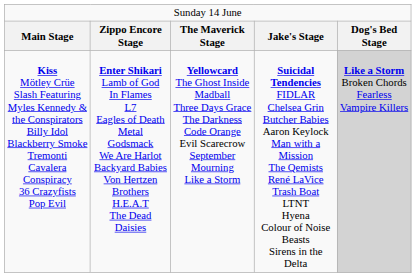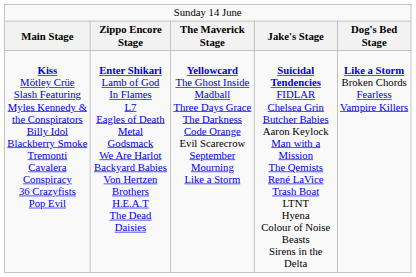 <table class="wikitable">
 <tr>
 <td colspan="5" style="text-align:center;">Sunday 14 June</td>
 </tr>
 <tr>
 <th>Main Stage</th>
 <th>Zippo Encore Stage</th>
 <th>The Maverick Stage</th>
 <th>Jake's Stage</th>
 <th>Dog's Bed Stage</th>
 </tr>
 <tr>
 <td style="text-align:center; vertical-align:top; width:200px;"><br><strong><a href='#'>Kiss</a></strong> <br> <a href='#'>Mötley Crüe</a> <br> <a href='#'>Slash Featuring Myles Kennedy & the Conspirators</a> <br> <a href='#'>Billy Idol</a> <br> <a href='#'>Blackberry Smoke</a><br> <a href='#'>Tremonti</a> <br> <a href='#'>Cavalera Conspiracy</a><br> <a href='#'>36 Crazyfists</a><br> <a href='#'>Pop Evil</a><br></td>
 <td style="text-align:center; vertical-align:top; width:200px;"><br><strong><a href='#'>Enter Shikari</a></strong><br> <a href='#'>Lamb of God</a><br> <a href='#'>In Flames</a> <br> <a href='#'>L7</a> <br> <a href='#'>Eagles of Death Metal</a> <br> <a href='#'>Godsmack</a> <br> <a href='#'>We Are Harlot</a> <br> <a href='#'>Backyard Babies</a> <br> <a href='#'>Von Hertzen Brothers</a><br> <a href='#'>H.E.A.T</a> <br> <a href='#'>The Dead Daisies</a><br></td>
 <td style="text-align:center; vertical-align:top; width:200px;"><br><strong><a href='#'>Yellowcard</a></strong><br> <a href='#'>The Ghost Inside</a> <br> <a href='#'>Madball</a> <br> <a href='#'>Three Days Grace</a><br> <a href='#'>The Darkness</a><br> <a href='#'>Code Orange</a><br> Evil Scarecrow <br> <a href='#'>September Mourning</a><br> <a href='#'>Like a Storm</a><br></td>
 <td style="text-align:center; vertical-align:top; width:200px;"><br><strong><a href='#'>Suicidal Tendencies</a></strong><br> <a href='#'>FIDLAR</a><br> <a href='#'>Chelsea Grin</a> <br> <a href='#'>Butcher Babies</a><br> Aaron Keylock<br> <a href='#'>Man with a Mission</a><br> <a href='#'>The Qemists</a><br> <a href='#'>René LaVice</a><br> <a href='#'>Trash Boat</a><br> LTNT <br> Hyena<br> Colour of Noise<br> Beasts <br> Sirens in the Delta</td>
-<td style="background: lightgrey; text-align:center; vertical-align:top; width:200px;"><br><strong><a href='#'>Like a Storm</a></strong><br> Broken Chords<br> <a href='#'>Fearless Vampire Killers</a></td>
+<td style="text-align:center; vertical-align:top; width:200px;"><br><strong><a href='#'>Like a Storm</a></strong><br> Broken Chords<br> <a href='#'>Fearless Vampire Killers</a></td>
 </tr>
 </table>
